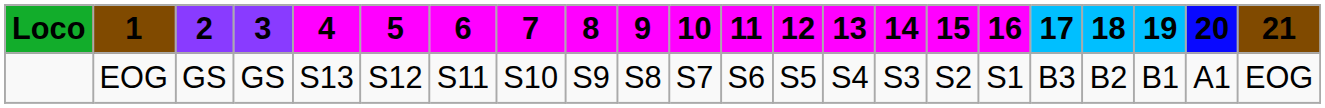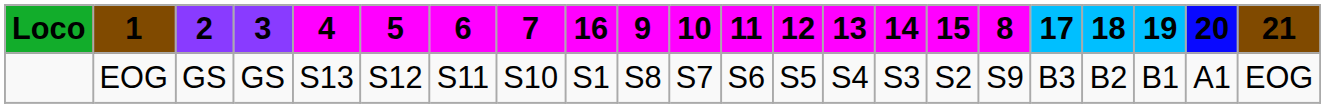 <table class="wikitable plainrowheaders unsortable" style="text-align:center">
 <tr>
 <th scope="col" rowspan="1" style="background:#12ad2b;"><span>Loco</span></th>
 <th scope="col" rowspan="1" style="background:#804a00;"><span>1</span></th>
 <th scope="col" rowspan="1" style="background:#893bff;">2</th>
 <th scope="col" rowspan="1" style="background:#893bff;">3</th>
 <th scope="col" rowspan="1" style="background:#ff00ff;">4</th>
 <th scope="col" rowspan="1" style="background:#ff00ff;">5</th>
 <th scope="col" rowspan="1" style="background:#ff00ff;">6</th>
 <th scope="col" rowspan="1" style="background:#ff00ff;">7</th>
-<th scope="col" rowspan="1" style="background:#ff00ff;">8</th>
+<th scope="col" rowspan="1" style="background:#ff00ff;">16</th>
 <th scope="col" rowspan="1" style="background:#ff00ff;">9</th>
 <th scope="col" rowspan="1" style="background:#ff00ff;">10</th>
 <th scope="col" rowspan="1" style="background:#ff00ff;">11</th>
 <th scope="col" rowspan="1" style="background:#ff00ff;">12</th>
 <th scope="col" rowspan="1" style="background:#ff00ff;">13</th>
 <th scope="col" rowspan="1" style="background:#ff00ff;">14</th>
 <th scope="col" rowspan="1" style="background:#ff00ff;">15</th>
-<th scope="col" rowspan="1" style="background:#ff00ff;">16</th>
+<th scope="col" rowspan="1" style="background:#ff00ff;">8</th>
 <th scope="col" rowspan="1" style="background:#00bfff;">17</th>
 <th scope="col" rowspan="1" style="background:#00bfff;">18</th>
 <th scope="col" rowspan="1" style="background:#00bfff;">19</th>
 <th scope="col" rowspan="1" style="background:#0909ff;"><span>20</span></th>
 <th scope="col" rowspan="1" style="background:#804a00;"><span>21</span></th>
 </tr>
 <tr>
 <td></td>
 <td>EOG</td>
 <td>GS</td>
 <td>GS</td>
 <td>S13</td>
 <td>S12</td>
 <td>S11</td>
 <td>S10</td>
-<td>S9</td>
+<td>S1</td>
 <td>S8</td>
 <td>S7</td>
 <td>S6</td>
 <td>S5</td>
 <td>S4</td>
 <td>S3</td>
 <td>S2</td>
-<td>S1</td>
+<td>S9</td>
 <td>B3</td>
 <td>B2</td>
 <td>B1</td>
 <td>A1</td>
 <td>EOG</td>
 </tr>
 </table>
